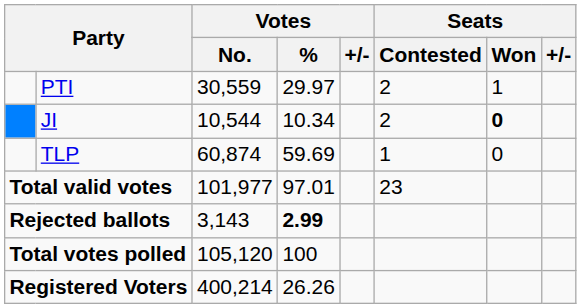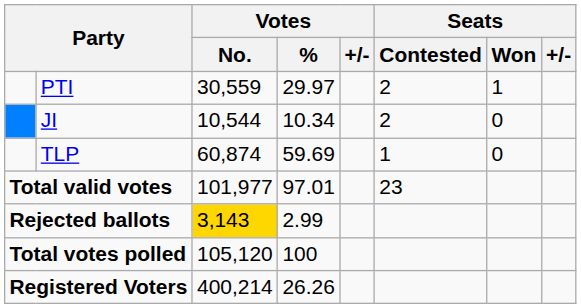 <table class="wikitable sortable">
 <tr>
 <th colspan="2" rowspan="2">Party</th>
 <th colspan="3">Votes</th>
 <th colspan="3">Seats</th>
 </tr>
 <tr>
 <th>No.</th>
 <th>%</th>
 <th>+/-</th>
 <th>Contested</th>
 <th>Won</th>
 <th><strong>+/-</strong></th>
 </tr>
 <tr>
 <td></td>
 <td><a href='#'>PTI</a></td>
 <td>30,559</td>
 <td>29.97</td>
 <td></td>
 <td>2</td>
 <td>1</td>
 <td></td>
 </tr>
 <tr>
 <td bgcolor="#0080ff"></td>
 <td><a href='#'>JI</a></td>
 <td>10,544</td>
 <td>10.34</td>
 <td></td>
 <td>2</td>
-<td><strong>0</strong></td>
+<td>0</td>
 <td></td>
 </tr>
 <tr>
 <td></td>
 <td><a href='#'>TLP</a></td>
 <td>60,874</td>
 <td>59.69</td>
 <td></td>
 <td>1</td>
 <td>0</td>
 <td></td>
 </tr>
 <tr>
 <td colspan="2"><strong>Total valid votes</strong></td>
 <td>101,977</td>
 <td>97.01</td>
 <td></td>
 <td>23</td>
 <td></td>
 <td></td>
 </tr>
 <tr>
 <td colspan="2"><strong>Rejected ballots</strong></td>
-<td>3,143</td>
-<td><strong>2.99</strong></td>
+<td style="background: gold;">3,143</td>
+<td>2.99</td>
 <td></td>
 <td></td>
 <td></td>
 <td></td>
 </tr>
 <tr>
 <td colspan="2"><strong>Total votes polled</strong></td>
 <td>105,120</td>
 <td>100</td>
 <td></td>
 <td></td>
 <td></td>
 <td></td>
 </tr>
 <tr>
 <td colspan="2"><strong>Registered Voters</strong></td>
 <td>400,214</td>
 <td>26.26</td>
 <td></td>
 <td></td>
 <td></td>
 <td></td>
 </tr>
 </table>
